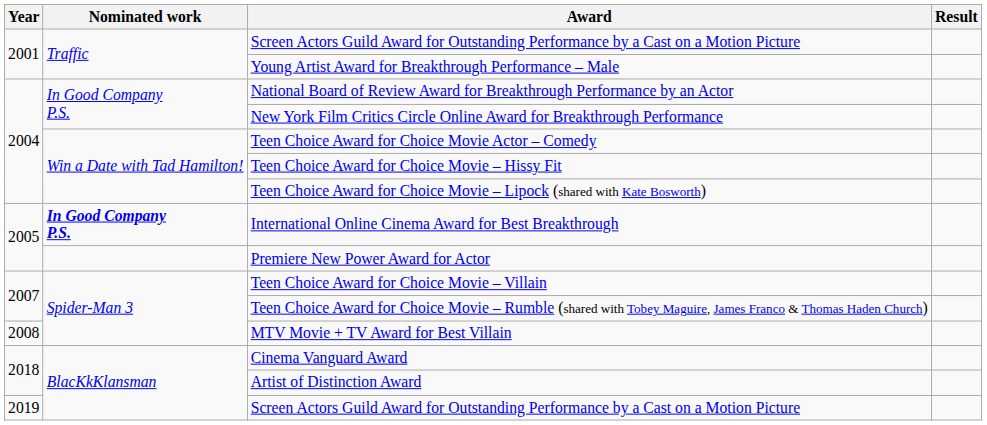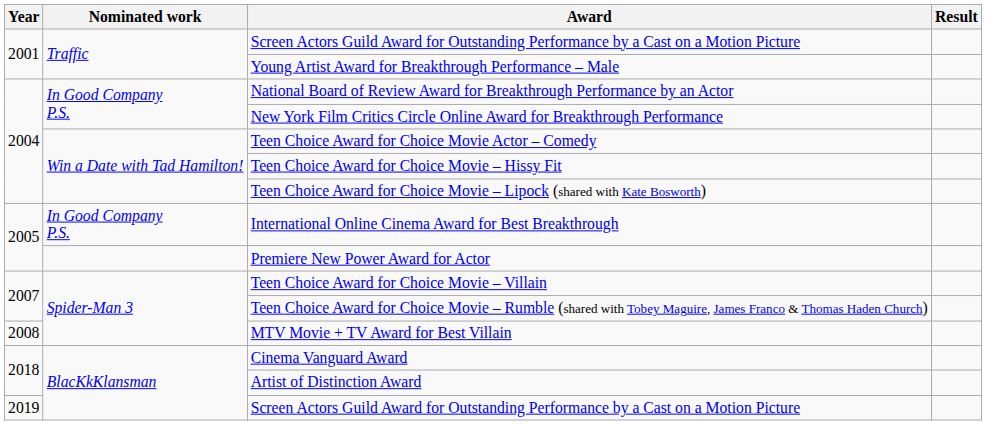 <table class = "wikitable sortable">
 <tr>
 <th>Year</th>
 <th>Nominated work</th>
 <th>Award</th>
 <th>Result</th>
 </tr>
 <tr>
 <td rowspan=2>2001</td>
 <td rowspan=2><em><a href='#'>Traffic</a></em></td>
 <td><a href='#'>Screen Actors Guild Award for Outstanding Performance by a Cast on a Motion Picture</a></td>
 <td></td>
 </tr>
 <tr>
 <td><a href='#'>Young Artist Award for Breakthrough Performance – Male</a></td>
 <td></td>
 </tr>
 <tr>
 <td rowspan=5>2004</td>
 <td rowspan=2><em><a href='#'>In Good Company</a></em><br><em><a href='#'>P.S.</a></em></td>
 <td><a href='#'>National Board of Review Award for Breakthrough Performance by an Actor</a></td>
 <td></td>
 </tr>
 <tr>
 <td><a href='#'>New York Film Critics Circle Online Award for Breakthrough Performance</a></td>
 <td></td>
 </tr>
 <tr>
 <td rowspan=3><em><a href='#'>Win a Date with Tad Hamilton!</a></em></td>
 <td><a href='#'>Teen Choice Award for Choice Movie Actor – Comedy</a></td>
 <td></td>
 </tr>
 <tr>
 <td><a href='#'>Teen Choice Award for Choice Movie – Hissy Fit</a></td>
 <td></td>
 </tr>
 <tr>
 <td><a href='#'>Teen Choice Award for Choice Movie – Lipock</a> (<small>shared with <a href='#'>Kate Bosworth</a></small>)</td>
 <td></td>
 </tr>
 <tr>
 <td rowspan="2">2005</td>
-<td><strong><em><a href='#'>In Good Company</a></em><br><em><a href='#'>P.S.</a></em></strong></td>
+<td><em><a href='#'>In Good Company</a></em><br><em><a href='#'>P.S.</a></em></td>
 <td><a href='#'>International Online Cinema Award for Best Breakthrough</a></td>
 <td></td>
 </tr>
 <tr>
 <td></td>
 <td><a href='#'>Premiere New Power Award for Actor</a></td>
 <td></td>
 </tr>
 <tr>
 <td rowspan="2">2007</td>
 <td rowspan="3"><em><a href='#'>Spider-Man 3</a></em></td>
 <td><a href='#'>Teen Choice Award for Choice Movie – Villain</a></td>
 <td></td>
 </tr>
 <tr>
 <td><a href='#'>Teen Choice Award for Choice Movie – Rumble</a> (<small>shared with <a href='#'>Tobey Maguire</a>, <a href='#'>James Franco</a> & <a href='#'>Thomas Haden Church</a></small>)</td>
 <td></td>
 </tr>
 <tr>
 <td>2008</td>
 <td><a href='#'>MTV Movie + TV Award for Best Villain</a></td>
 <td></td>
 </tr>
 <tr>
 <td rowspan=2>2018</td>
 <td rowspan=3><em><a href='#'>BlacKkKlansman</a></em></td>
 <td><a href='#'>Cinema Vanguard Award</a></td>
 <td></td>
 </tr>
 <tr>
 <td><a href='#'>Artist of Distinction Award</a></td>
 <td></td>
 </tr>
 <tr>
 <td>2019</td>
 <td><a href='#'>Screen Actors Guild Award for Outstanding Performance by a Cast on a Motion Picture</a></td>
 <td></td>
 </tr>
 </table>
